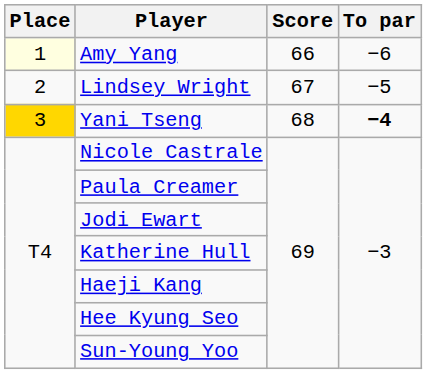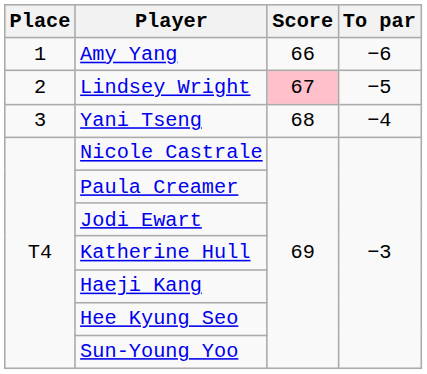 <table class="wikitable">
 <tr>
 <th>Place</th>
 <th>Player</th>
 <th>Score</th>
 <th>To par</th>
 </tr>
 <tr>
-<td style="background: lightyellow; text-align:center;">1</td>
+<td style="text-align:center;">1</td>
 <td> <a href='#'>Amy Yang</a></td>
 <td style="text-align:center;">66</td>
 <td style="text-align:center;">−6</td>
 </tr>
 <tr>
 <td style="text-align:center;">2</td>
 <td> <a href='#'>Lindsey Wright</a></td>
-<td style="text-align:center;">67</td>
+<td style="background: pink; text-align:center;">67</td>
 <td style="text-align:center;">−5</td>
 </tr>
 <tr>
-<td style="background: gold; text-align:center;">3</td>
+<td style="text-align:center;">3</td>
 <td> <a href='#'>Yani Tseng</a></td>
 <td style="text-align:center;">68</td>
-<td style="text-align:center;"><strong>−4</strong></td>
+<td style="text-align:center;">−4</td>
 </tr>
 <tr>
 <td rowspan="7" style="text-align:center;">T4</td>
 <td> <a href='#'>Nicole Castrale</a></td>
 <td rowspan="7" style="text-align:center;">69</td>
 <td rowspan="7" style="text-align:center;">−3</td>
 </tr>
 <tr>
 <td> <a href='#'>Paula Creamer</a></td>
 </tr>
 <tr>
 <td> <a href='#'>Jodi Ewart</a></td>
 </tr>
 <tr>
 <td> <a href='#'>Katherine Hull</a></td>
 </tr>
 <tr>
 <td> <a href='#'>Haeji Kang</a></td>
 </tr>
 <tr>
 <td> <a href='#'>Hee Kyung Seo</a></td>
 </tr>
 <tr>
 <td> <a href='#'>Sun-Young Yoo</a></td>
 </tr>
 </table>
